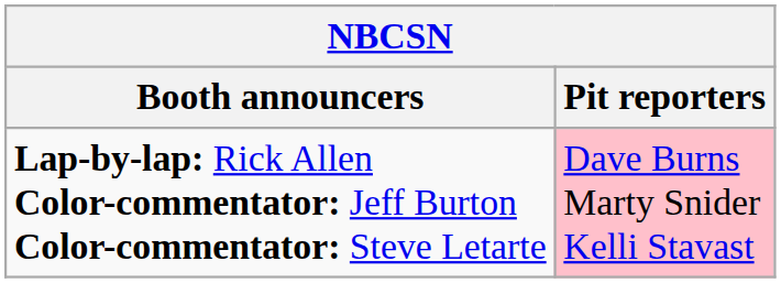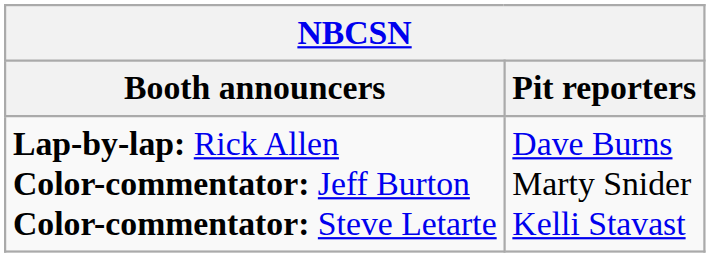 <table class="wikitable" style="font-size: 95%">
 <tr>
 <th colspan="2"><a href='#'>NBCSN</a></th>
 </tr>
 <tr>
 <th>Booth announcers</th>
 <th>Pit reporters</th>
 </tr>
 <tr>
 <td><strong>Lap-by-lap:</strong> <a href='#'>Rick Allen</a><br><strong>Color-commentator:</strong> <a href='#'>Jeff Burton</a><br><strong>Color-commentator:</strong> <a href='#'>Steve Letarte</a></td>
-<td style="background: pink;"><a href='#'>Dave Burns</a><br>Marty Snider<br><a href='#'>Kelli Stavast</a></td>
+<td><a href='#'>Dave Burns</a><br>Marty Snider<br><a href='#'>Kelli Stavast</a></td>
 </tr>
 </table>
